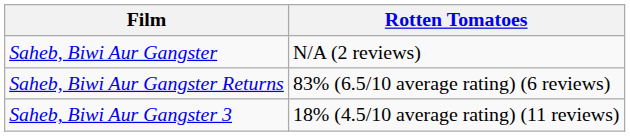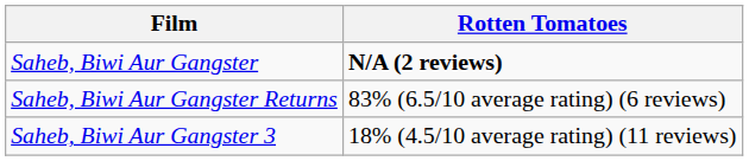 <table class="wikitable sortable">
 <tr>
 <th>Film</th>
 <th><a href='#'>Rotten Tomatoes</a></th>
 </tr>
 <tr>
 <td><em><a href='#'>Saheb, Biwi Aur Gangster</a></em></td>
-<td>N/A (2 reviews)</td>
+<td><strong>N/A (2 reviews)</strong></td>
 </tr>
 <tr>
 <td><em><a href='#'>Saheb, Biwi Aur Gangster Returns</a></em></td>
 <td>83% (6.5/10 average rating) (6 reviews)</td>
 </tr>
 <tr>
 <td><em><a href='#'>Saheb, Biwi Aur Gangster 3</a></em></td>
 <td>18% (4.5/10 average rating) (11 reviews)</td>
 </tr>
 </table>
